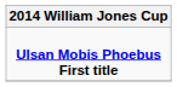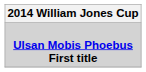 <table class="wikitable" style="text-align: center; margin: 0 auto;">
 <tr>
 <th>2014 William Jones Cup</th>
 </tr>
 <tr>
-<td> <br> <strong><a href='#'>Ulsan Mobis Phoebus</a></strong> <br> <strong>First title</strong></td>
+<td style="background: lightgrey;"> <br> <strong><a href='#'>Ulsan Mobis Phoebus</a></strong> <br> <strong>First title</strong></td>
 </tr>
 <tr>
 </tr>
 </table>
